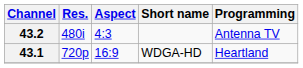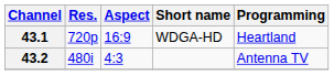 <table class="wikitable">
 <tr>
 <th><a href='#'>Channel</a></th>
 <th><a href='#'>Res.</a></th>
 <th><a href='#'>Aspect</a></th>
 <th>Short name</th>
 <th>Programming</th>
 </tr>
 <tr>
+<th scope = "row">43.1</th>
+<td><a href='#'>720p</a></td>
+<td><a href='#'>16:9</a></td>
+<td>WDGA-HD</td>
+<td><a href='#'>Heartland</a></td>
+</tr>
+<tr>
 <th scope = "row">43.2</th>
 <td><a href='#'>480i</a></td>
 <td><a href='#'>4:3</a></td>
 <td></td>
 <td><a href='#'>Antenna TV</a></td>
 </tr>
 <tr>
-<th scope = "row">43.1</th>
-<td><a href='#'>720p</a></td>
-<td><a href='#'>16:9</a></td>
-<td>WDGA-HD</td>
-<td><a href='#'>Heartland</a></td>
-</tr>
-<tr>
 </tr>
 </table>
